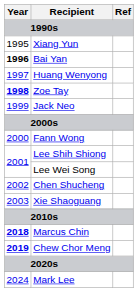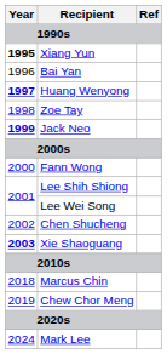 <table class="wikitable sortable" style="background:#ffffff;" style="text-align:center;">
 <tr>
 <th>Year</th>
 <th>Recipient</th>
 <th>Ref</th>
 </tr>
 <tr>
 <td colspan="3" data-sort-value="ω" style="background-color:#CACCD0; font-weight:bold; padding-left:20%">1990s</td>
 </tr>
 <tr>
-<td>1995</td>
+<td><strong>1995</strong></td>
 <td><a href='#'>Xiang Yun</a></td>
 <td></td>
 </tr>
 <tr>
-<td><strong>1996</strong></td>
+<td>1996</td>
 <td><a href='#'>Bai Yan</a></td>
 <td></td>
 </tr>
 <tr>
-<td><a href='#'>1997</a></td>
+<td><strong><a href='#'>1997</a></strong></td>
 <td><a href='#'>Huang Wenyong</a></td>
 <td></td>
 </tr>
 <tr>
-<td><strong><a href='#'>1998</a></strong></td>
+<td><a href='#'>1998</a></td>
 <td><a href='#'>Zoe Tay</a></td>
 <td></td>
 </tr>
 <tr>
-<td><a href='#'>1999</a></td>
+<td><strong><a href='#'>1999</a></strong></td>
 <td><a href='#'>Jack Neo</a></td>
 <td></td>
 </tr>
 <tr>
 <td colspan="3" data-sort-value="ω" style="background-color:#CACCD0; font-weight:bold; padding-left:20%">2000s</td>
 </tr>
 <tr>
 <td><a href='#'>2000</a></td>
 <td><a href='#'>Fann Wong</a></td>
 <td></td>
 </tr>
 <tr>
 <td rowspan=2><a href='#'>2001</a></td>
 <td><a href='#'>Lee Shih Shiong</a></td>
 <td></td>
 </tr>
 <tr>
 <td>Lee Wei Song</td>
 <td></td>
 </tr>
 <tr>
 <td><a href='#'>2002</a></td>
 <td><a href='#'>Chen Shucheng</a></td>
 <td></td>
 </tr>
 <tr>
-<td><a href='#'>2003</a></td>
+<td><strong><a href='#'>2003</a></strong></td>
 <td><a href='#'>Xie Shaoguang</a></td>
 <td></td>
 </tr>
 <tr>
 <td colspan="3" data-sort-value="ω" style="background-color:#CACCD0; font-weight:bold; padding-left:20%">2010s</td>
 </tr>
 <tr>
-<td><strong><a href='#'>2018</a></strong></td>
+<td><a href='#'>2018</a></td>
 <td><a href='#'>Marcus Chin</a></td>
 <td></td>
 </tr>
 <tr>
-<td><strong><a href='#'>2019</a></strong></td>
+<td><a href='#'>2019</a></td>
 <td><a href='#'>Chew Chor Meng</a></td>
 <td></td>
 </tr>
 <tr>
 <td colspan="3" data-sort-value="ω" style="background-color:#CACCD0; font-weight:bold; padding-left:20%">2020s</td>
 </tr>
 <tr>
 <td><a href='#'>2024</a></td>
 <td><a href='#'> Mark Lee</a></td>
 <td></td>
 </tr>
 </table>
